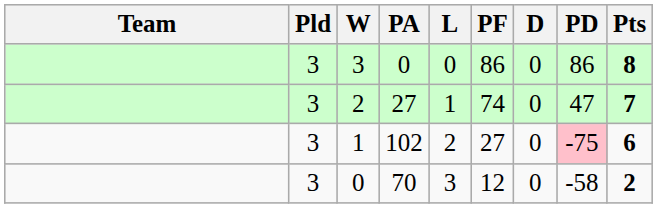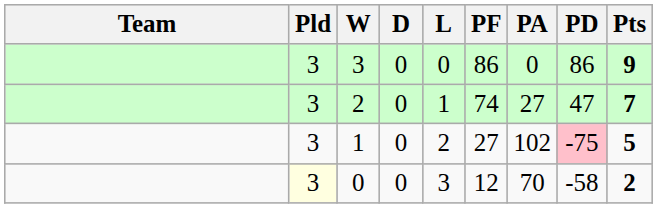 <table class="wikitable" style="text-align:center;">
 <tr>
 <th width=175>Team</th>
 <th width=20 abbr="Played">Pld</th>
 <th width=20 abbr="Won">W</th>
-<th width=20 abbr="Points against">PA</th>
+<th width=20 abbr="Drawn">D</th>
 <th width=20 abbr="Lost">L</th>
 <th width=20 abbr="Points for">PF</th>
-<th width=20 abbr="Drawn">D</th>
+<th width=20 abbr="Points against">PA</th>
 <th width=25 abbr="Points difference">PD</th>
 <th width=20 abbr="Points">Pts</th>
 </tr>
 <tr style="background:#ccffcc">
 <td align=left></td>
 <td>3</td>
 <td>3</td>
 <td>0</td>
 <td>0</td>
 <td>86</td>
 <td>0</td>
 <td>86</td>
-<td><strong>8</strong></td>
+<td><strong>9</strong></td>
 </tr>
 <tr style="background:#ccffcc">
 <td align=left></td>
 <td>3</td>
 <td>2</td>
-<td>27</td>
+<td>0</td>
 <td>1</td>
 <td>74</td>
-<td>0</td>
+<td>27</td>
 <td>47</td>
 <td><strong>7</strong></td>
 </tr>
 <tr>
 <td align=left></td>
 <td>3</td>
 <td>1</td>
-<td>102</td>
+<td>0</td>
 <td>2</td>
 <td>27</td>
-<td>0</td>
+<td>102</td>
 <td style="background: pink;">-75</td>
-<td><strong>6</strong></td>
+<td><strong>5</strong></td>
 </tr>
 <tr>
 <td align=left></td>
-<td>3</td>
+<td style="background: lightyellow;">3</td>
 <td>0</td>
-<td>70</td>
+<td>0</td>
 <td>3</td>
 <td>12</td>
-<td>0</td>
+<td>70</td>
 <td>-58</td>
 <td><strong>2</strong></td>
 </tr>
 </table>
